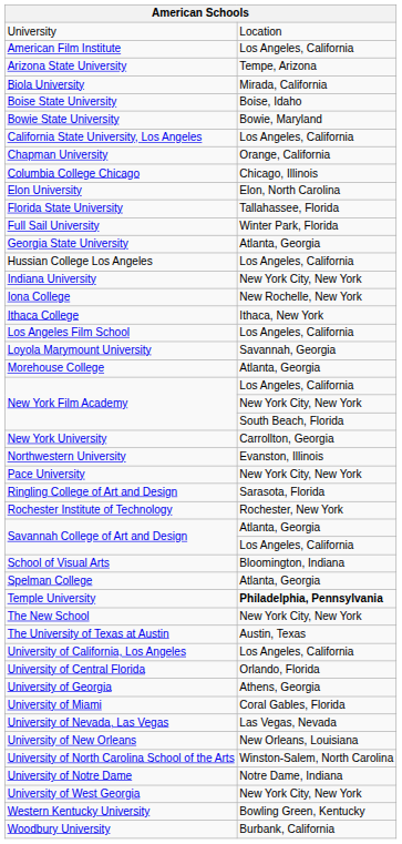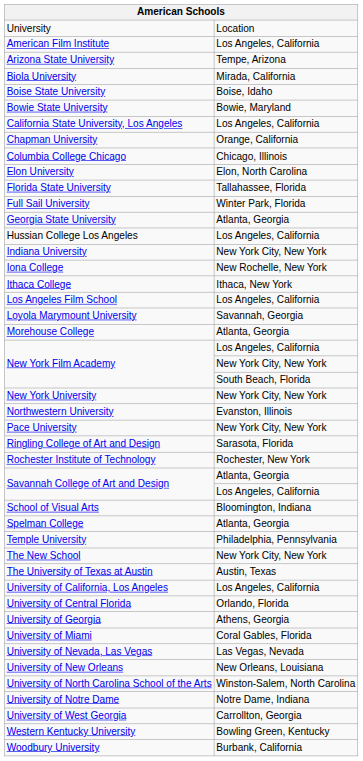 <table class="wikitable">
 <tr>
 <th colspan="2">American Schools</th>
 </tr>
 <tr>
 <td>University</td>
 <td>Location</td>
 </tr>
 <tr>
 <td><a href='#'>American Film Institute</a></td>
 <td>Los Angeles, California</td>
 </tr>
 <tr>
 <td><a href='#'>Arizona State University</a></td>
 <td>Tempe, Arizona</td>
 </tr>
 <tr>
 <td><a href='#'>Biola University</a></td>
 <td>Mirada, California</td>
 </tr>
 <tr>
 <td><a href='#'>Boise State University</a></td>
 <td>Boise, Idaho</td>
 </tr>
 <tr>
 <td><a href='#'>Bowie State University</a></td>
 <td>Bowie, Maryland</td>
 </tr>
 <tr>
 <td><a href='#'>California State University, Los Angeles</a></td>
 <td>Los Angeles, California</td>
 </tr>
 <tr>
 <td><a href='#'>Chapman University</a></td>
 <td>Orange, California</td>
 </tr>
 <tr>
 <td><a href='#'>Columbia College Chicago</a></td>
 <td>Chicago, Illinois</td>
 </tr>
 <tr>
 <td><a href='#'>Elon University</a></td>
 <td>Elon, North Carolina</td>
 </tr>
 <tr>
 <td><a href='#'>Florida State University</a></td>
 <td>Tallahassee, Florida</td>
 </tr>
 <tr>
 <td><a href='#'>Full Sail University</a></td>
 <td>Winter Park, Florida</td>
 </tr>
 <tr>
 <td><a href='#'>Georgia State University</a></td>
 <td>Atlanta, Georgia</td>
 </tr>
 <tr>
 <td>Hussian College Los Angeles</td>
 <td>Los Angeles, California</td>
 </tr>
 <tr>
 <td><a href='#'>Indiana University</a></td>
 <td>New York City, New York</td>
 </tr>
 <tr>
 <td><a href='#'>Iona College</a></td>
 <td>New Rochelle, New York</td>
 </tr>
 <tr>
 <td><a href='#'>Ithaca College</a></td>
 <td>Ithaca, New York</td>
 </tr>
 <tr>
 <td><a href='#'>Los Angeles Film School</a></td>
 <td>Los Angeles, California</td>
 </tr>
 <tr>
 <td><a href='#'>Loyola Marymount University</a></td>
 <td>Savannah, Georgia</td>
 </tr>
 <tr>
 <td><a href='#'>Morehouse College</a></td>
 <td>Atlanta, Georgia</td>
 </tr>
 <tr>
 <td rowspan="3"><a href='#'>New York Film Academy</a></td>
 <td>Los Angeles, California</td>
 </tr>
 <tr>
 <td>New York City, New York</td>
 </tr>
 <tr>
 <td>South Beach, Florida</td>
 </tr>
 <tr>
 <td><a href='#'>New York University</a></td>
-<td>Carrollton, Georgia</td>
+<td>New York City, New York</td>
 </tr>
 <tr>
 <td><a href='#'>Northwestern University</a></td>
 <td>Evanston, Illinois</td>
 </tr>
 <tr>
 <td><a href='#'>Pace University</a></td>
 <td>New York City, New York</td>
 </tr>
 <tr>
 <td><a href='#'>Ringling College of Art and Design</a></td>
 <td>Sarasota, Florida</td>
 </tr>
 <tr>
 <td><a href='#'>Rochester Institute of Technology</a></td>
 <td>Rochester, New York</td>
 </tr>
 <tr>
 <td rowspan="2"><a href='#'>Savannah College of Art and Design</a></td>
 <td>Atlanta, Georgia</td>
 </tr>
 <tr>
 <td>Los Angeles, California</td>
 </tr>
 <tr>
 <td><a href='#'>School of Visual Arts</a></td>
 <td>Bloomington, Indiana</td>
 </tr>
 <tr>
 <td><a href='#'>Spelman College</a></td>
 <td>Atlanta, Georgia</td>
 </tr>
 <tr>
 <td><a href='#'>Temple University</a></td>
-<td><strong>Philadelphia, Pennsylvania</strong></td>
+<td>Philadelphia, Pennsylvania</td>
 </tr>
 <tr>
 <td><a href='#'>The New School</a></td>
 <td>New York City, New York</td>
 </tr>
 <tr>
 <td><a href='#'>The University of Texas at Austin</a></td>
 <td>Austin, Texas</td>
 </tr>
 <tr>
 <td><a href='#'>University of California, Los Angeles</a></td>
 <td>Los Angeles, California</td>
 </tr>
 <tr>
 <td><a href='#'>University of Central Florida</a></td>
 <td>Orlando, Florida</td>
 </tr>
 <tr>
 <td><a href='#'>University of Georgia</a></td>
 <td>Athens, Georgia</td>
 </tr>
 <tr>
 <td><a href='#'>University of Miami</a></td>
 <td>Coral Gables, Florida</td>
 </tr>
 <tr>
 <td><a href='#'>University of Nevada, Las Vegas</a></td>
 <td>Las Vegas, Nevada</td>
 </tr>
 <tr>
 <td><a href='#'>University of New Orleans</a></td>
 <td>New Orleans, Louisiana</td>
 </tr>
 <tr>
 <td><a href='#'>University of North Carolina School of the Arts</a></td>
 <td>Winston-Salem, North Carolina</td>
 </tr>
 <tr>
 <td><a href='#'>University of Notre Dame</a></td>
 <td>Notre Dame, Indiana</td>
 </tr>
 <tr>
 <td><a href='#'>University of West Georgia</a></td>
-<td>New York City, New York</td>
+<td>Carrollton, Georgia</td>
 </tr>
 <tr>
 <td><a href='#'>Western Kentucky University</a></td>
 <td>Bowling Green, Kentucky</td>
 </tr>
 <tr>
 <td><a href='#'>Woodbury University</a></td>
 <td>Burbank, California</td>
 </tr>
 </table>
